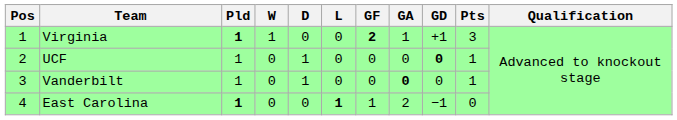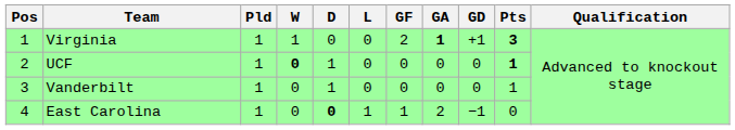 <table class="wikitable" style="text-align:center; margin: 1em auto">
 <tr>
 <th style="width:2em">Pos</th>
 <th style="width:13em">Team</th>
 <th style="width:2em">Pld</th>
 <th style="width:2em">W</th>
 <th style="width:2em">D</th>
 <th style="width:2em">L</th>
 <th style="width:2em">GF</th>
 <th style="width:2em">GA</th>
 <th style="width:2em">GD</th>
 <th style="width:2em">Pts</th>
 <th style="width:13em">Qualification</th>
 </tr>
 <tr bgcolor="#9eff9e">
 <td>1</td>
 <td style="text-align:left">Virginia</td>
-<td><strong>1</strong></td>
+<td>1</td>
 <td>1</td>
 <td>0</td>
 <td>0</td>
-<td><strong>2</strong></td>
-<td>1</td>
+<td>2</td>
+<td><strong>1</strong></td>
 <td>+1</td>
-<td>3</td>
+<td><strong>3</strong></td>
 <td rowspan="4">Advanced to knockout stage</td>
 </tr>
 <tr bgcolor="#9eff9e">
 <td>2</td>
 <td style="text-align:left">UCF</td>
 <td>1</td>
-<td>0</td>
+<td><strong>0</strong></td>
 <td>1</td>
 <td>0</td>
 <td>0</td>
 <td>0</td>
-<td><strong>0</strong></td>
-<td>1</td>
+<td>0</td>
+<td><strong>1</strong></td>
 </tr>
 <tr bgcolor="#9eff9e">
 <td>3</td>
 <td style="text-align:left">Vanderbilt</td>
 <td>1</td>
 <td>0</td>
 <td>1</td>
 <td>0</td>
 <td>0</td>
-<td><strong>0</strong></td>
+<td>0</td>
 <td>0</td>
 <td>1</td>
 </tr>
 <tr bgcolor="#9eff9e">
 <td>4</td>
 <td style="text-align:left">East Carolina</td>
-<td><strong>1</strong></td>
+<td>1</td>
 <td>0</td>
-<td>0</td>
-<td><strong>1</strong></td>
+<td><strong>0</strong></td>
+<td>1</td>
 <td>1</td>
 <td>2</td>
 <td>−1</td>
 <td>0</td>
 </tr>
 </table>
